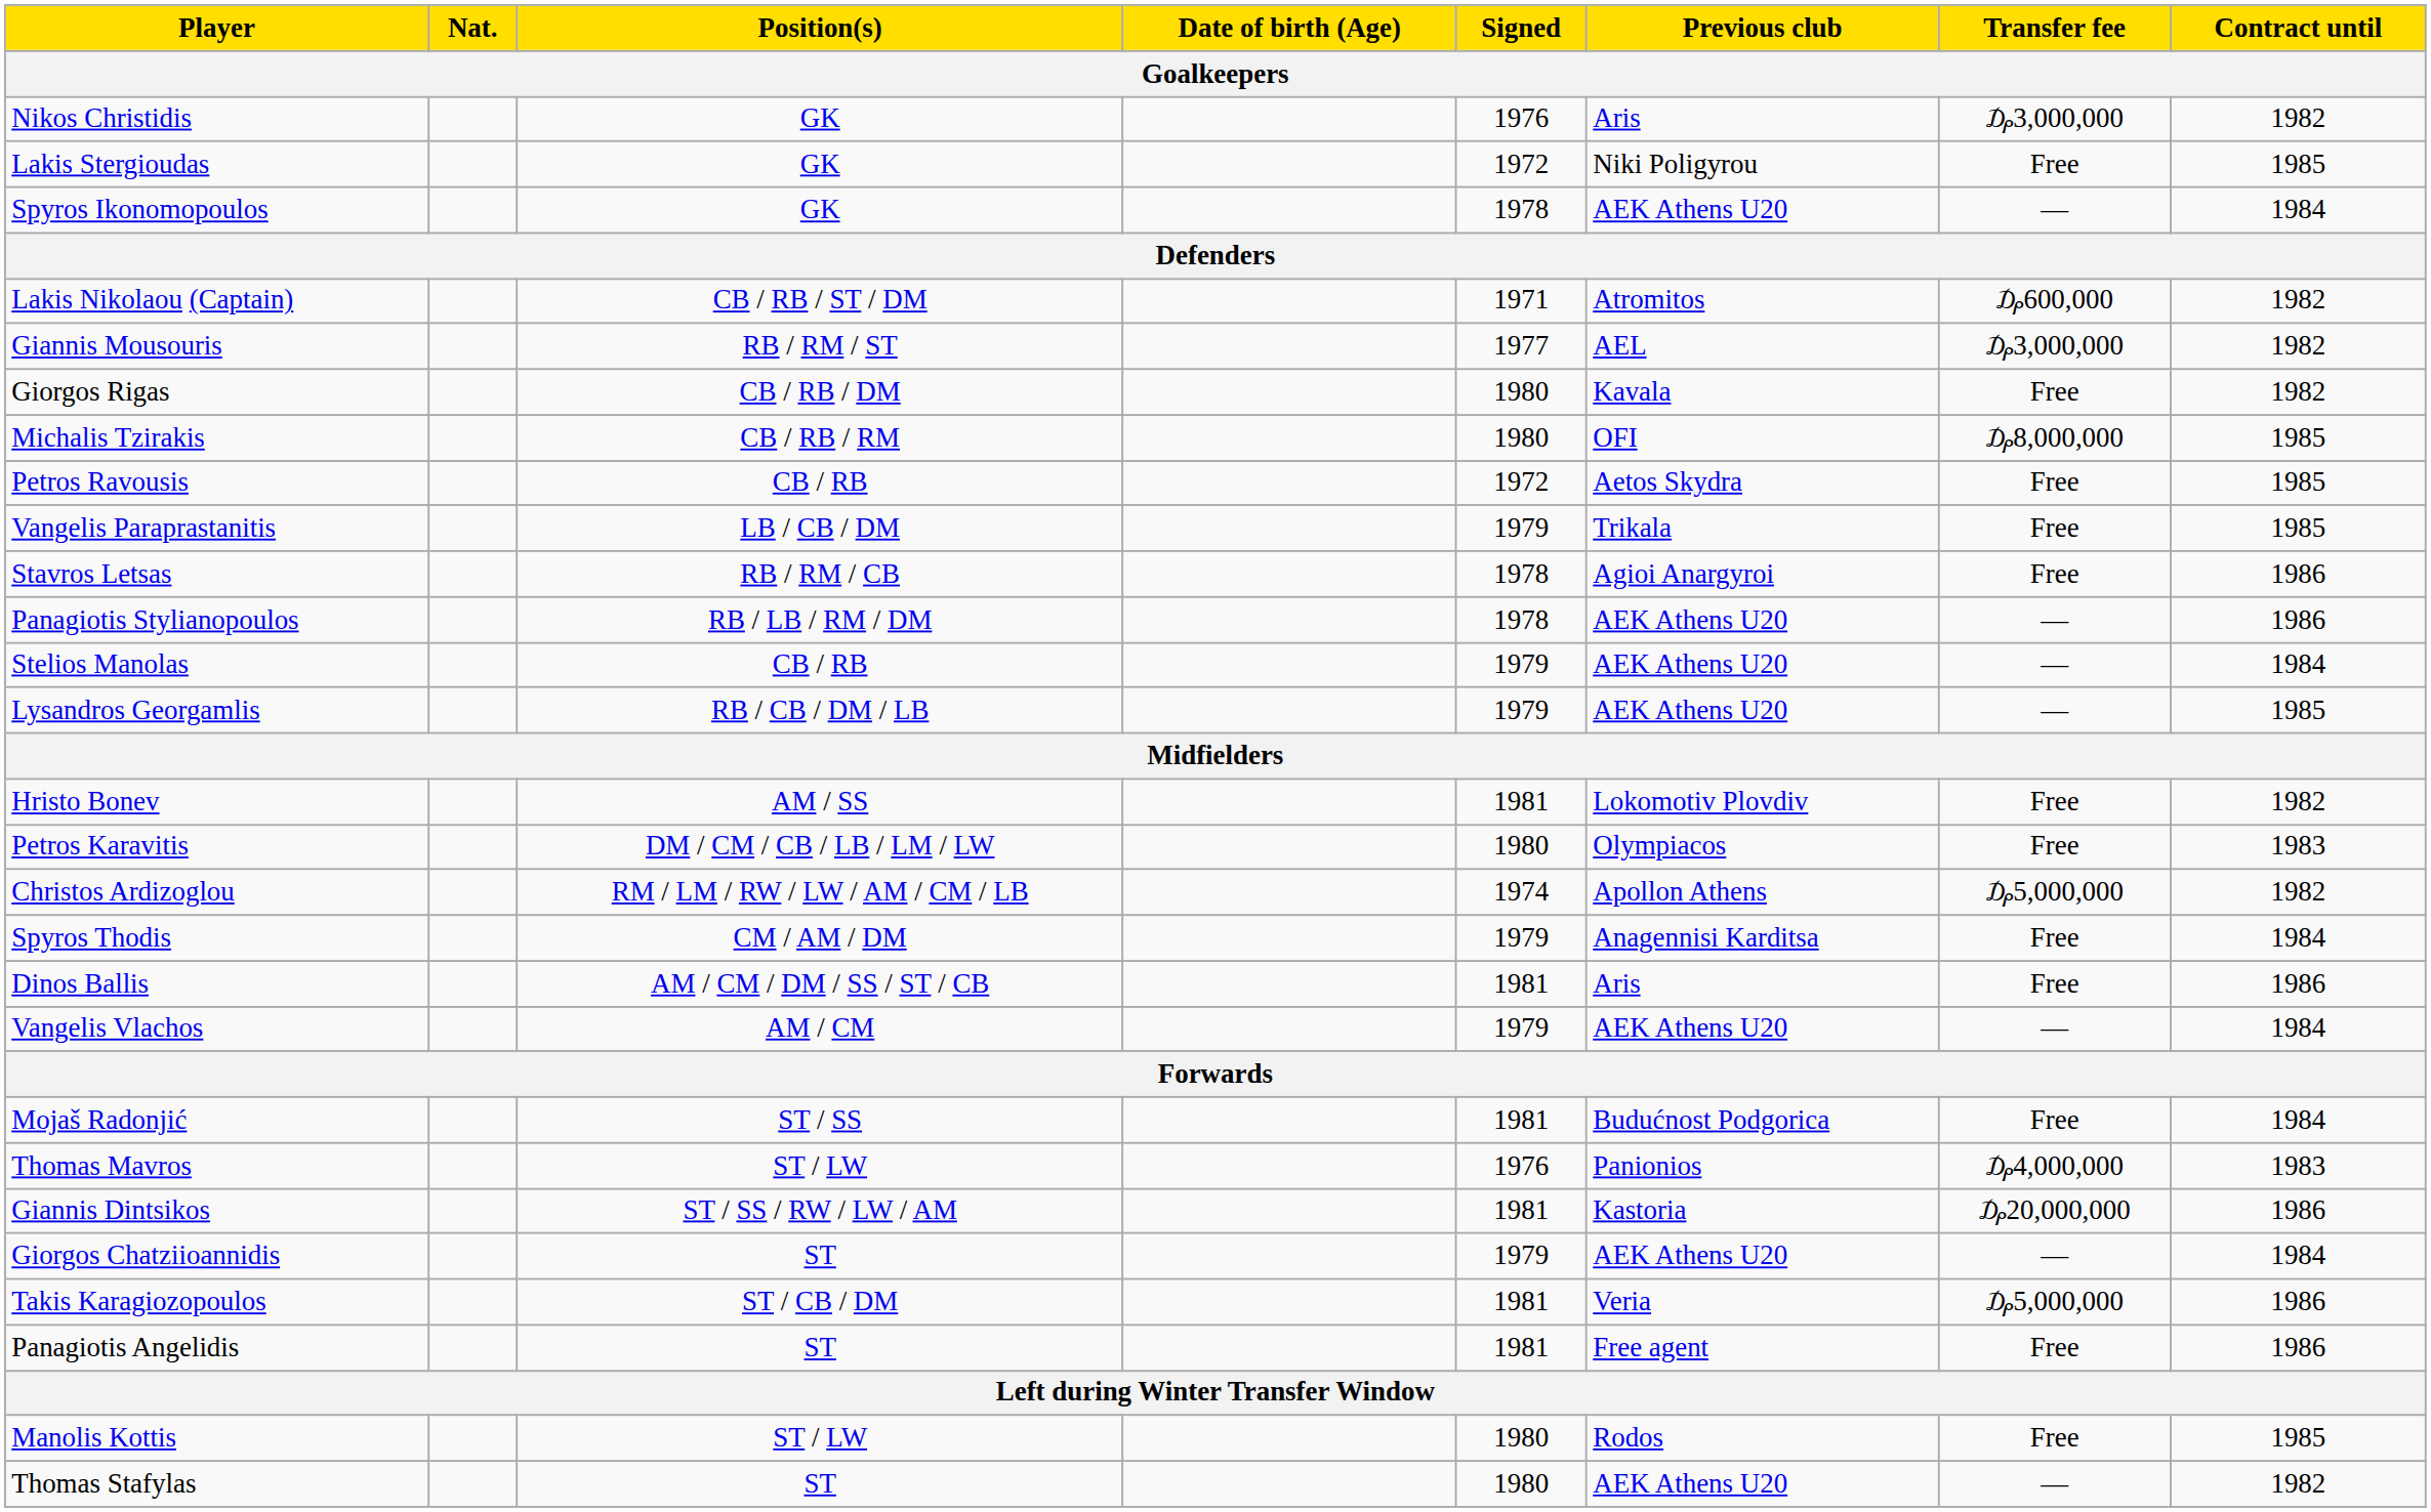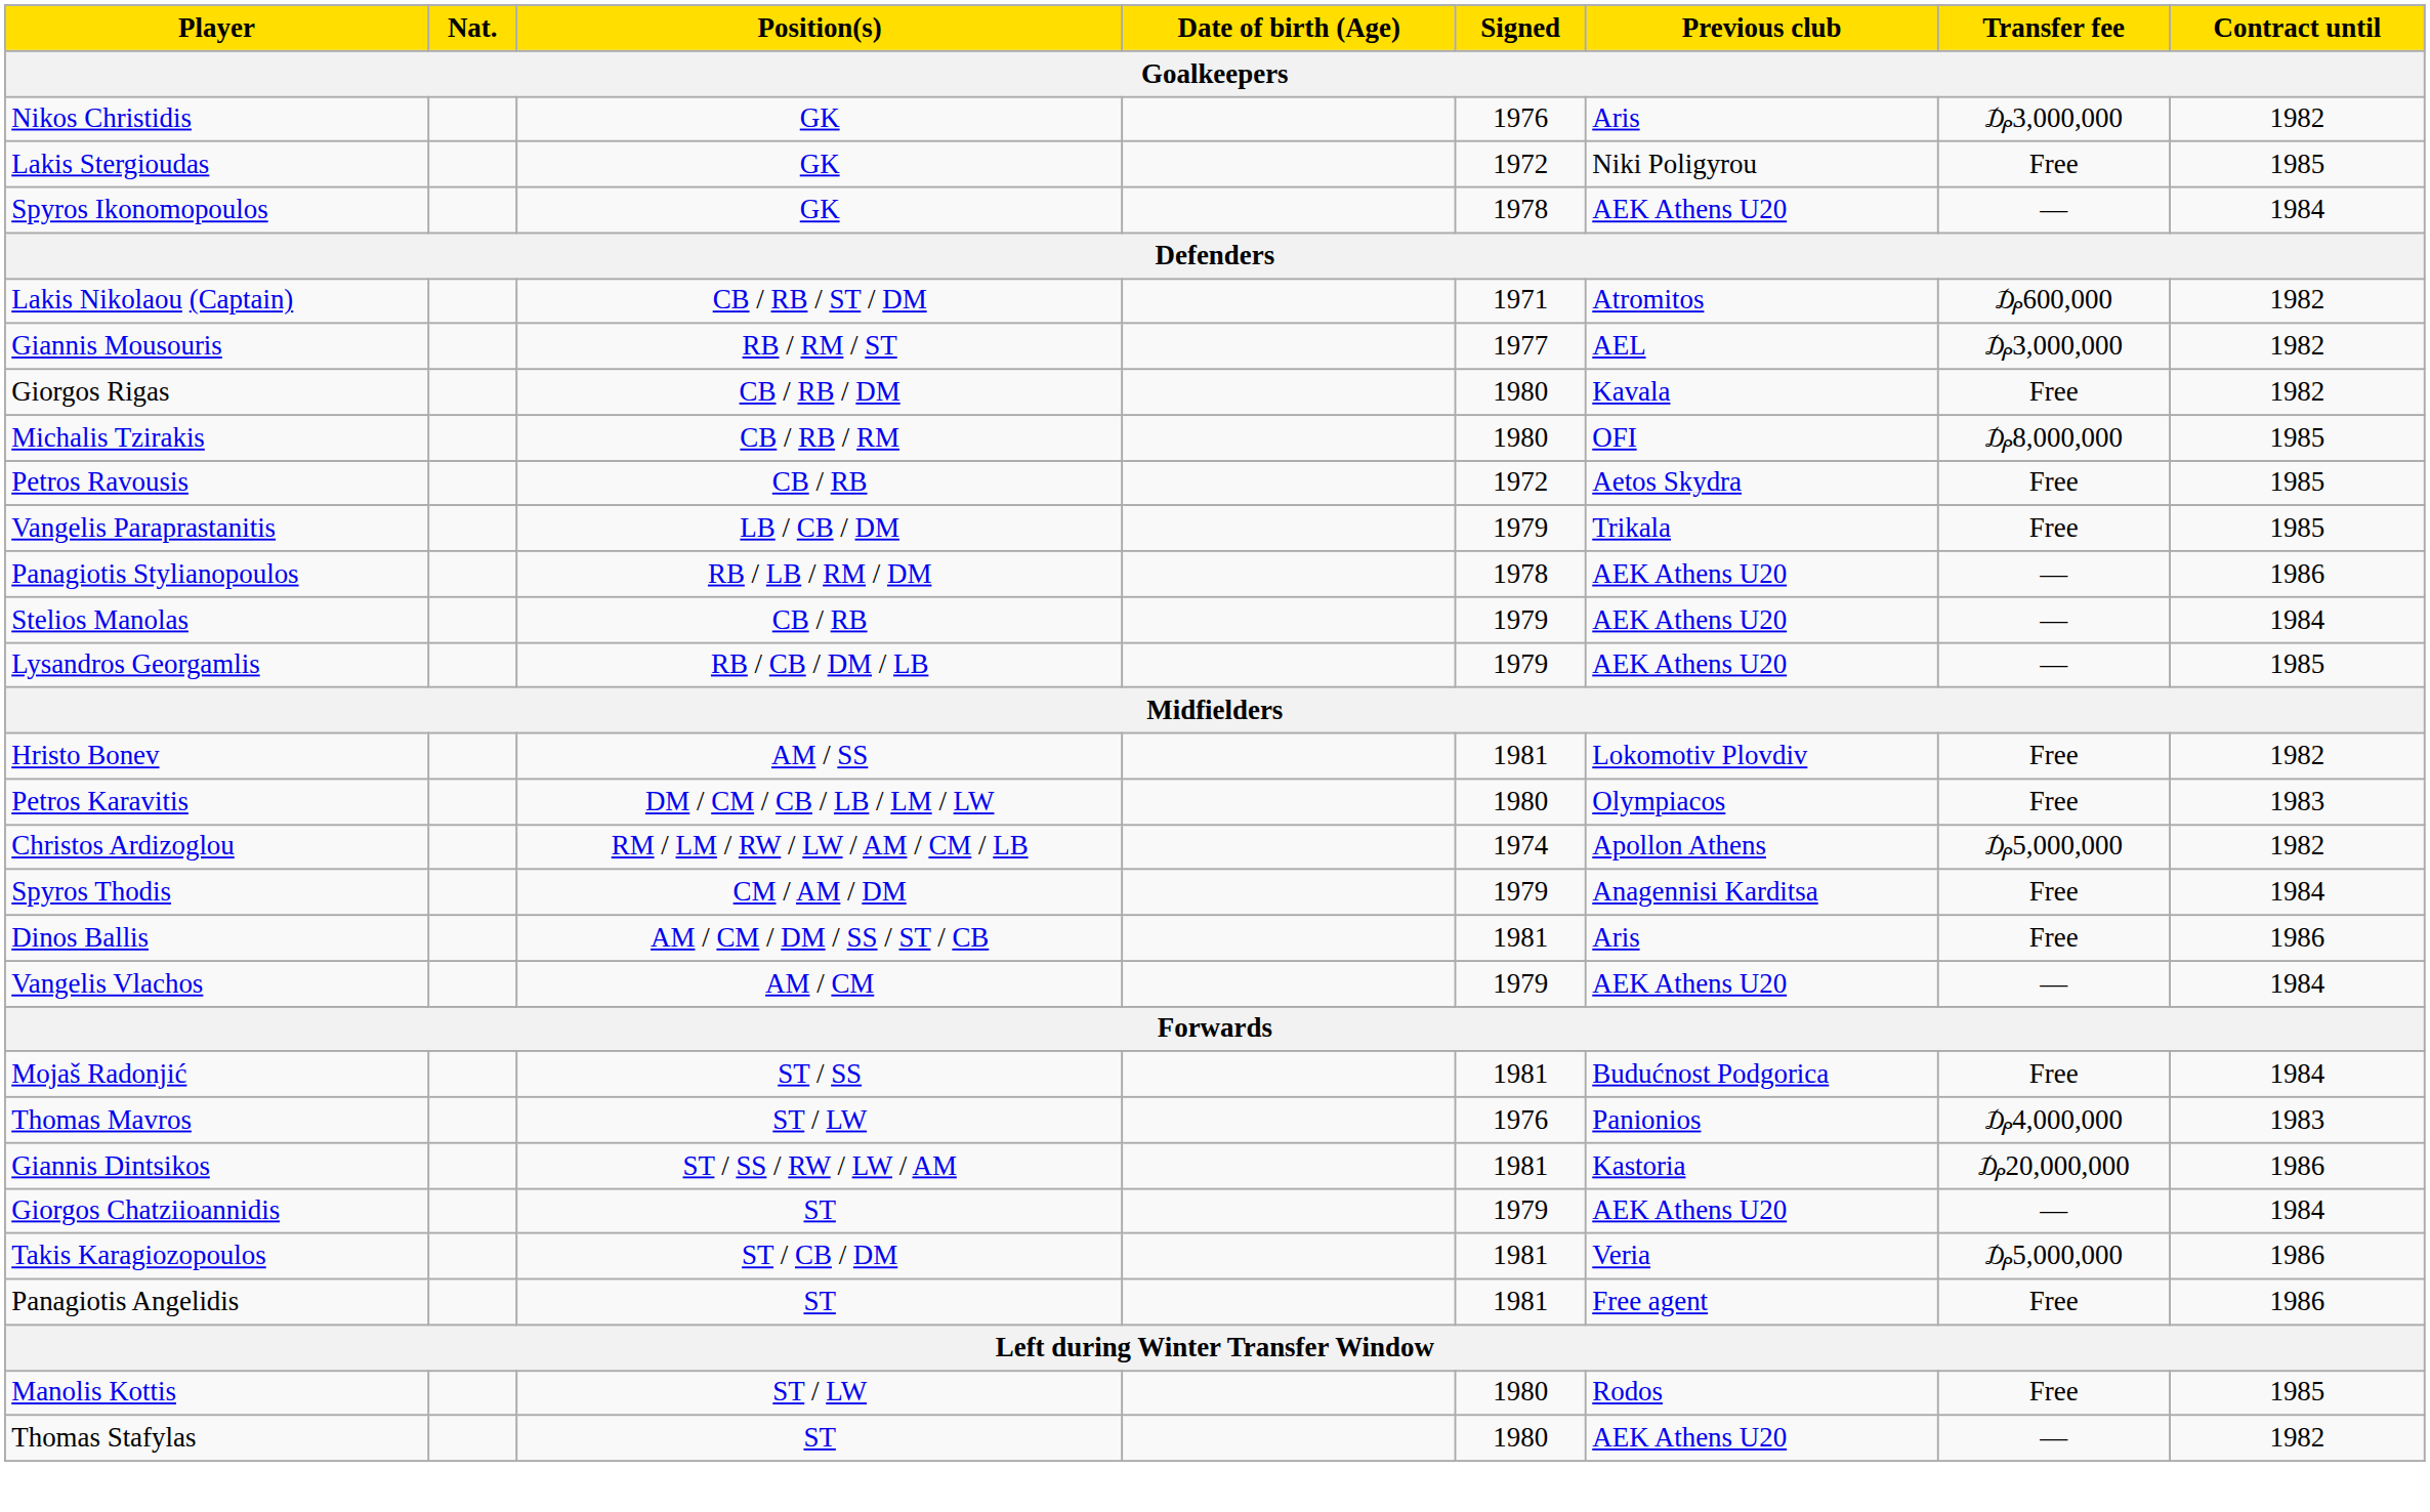 <table class="wikitable" style="text-align:center; font-size:90%;width:100%;">
 <tr>
 <th style="background:#FFDE00">Player</th>
 <th style="background:#FFDE00">Nat.</th>
 <th style="background:#FFDE00">Position(s)</th>
 <th style="background:#FFDE00">Date of birth (Age)</th>
 <th style="background:#FFDE00">Signed</th>
 <th style="background:#FFDE00">Previous club</th>
 <th style="background:#FFDE00">Transfer fee</th>
 <th style="background:#FFDE00">Contract until</th>
 </tr>
 <tr>
 <th colspan="8">Goalkeepers</th>
 </tr>
 <tr>
 <td align=left><a href='#'>Nikos Christidis</a></td>
 <td></td>
 <td><a href='#'>GK</a></td>
 <td></td>
 <td>1976</td>
 <td align=left> <a href='#'>Aris</a></td>
 <td>₯3,000,000</td>
 <td>1982</td>
 </tr>
 <tr>
 <td align=left><a href='#'>Lakis Stergioudas</a></td>
 <td></td>
 <td><a href='#'>GK</a></td>
 <td></td>
 <td>1972</td>
 <td align=left> Niki Poligyrou</td>
 <td>Free</td>
 <td>1985</td>
 </tr>
 <tr>
 <td align=left><a href='#'>Spyros Ikonomopoulos</a></td>
 <td></td>
 <td><a href='#'>GK</a></td>
 <td></td>
 <td>1978</td>
 <td align=left> <a href='#'>AEK Athens U20</a></td>
 <td>—</td>
 <td>1984</td>
 </tr>
 <tr>
 <th colspan="8">Defenders</th>
 </tr>
 <tr>
 <td align=left><a href='#'>Lakis Nikolaou</a> <a href='#'>(Captain)</a></td>
 <td></td>
 <td><a href='#'>CB</a> / <a href='#'>RB</a> / <a href='#'>ST</a> / <a href='#'>DM</a></td>
 <td></td>
 <td>1971</td>
 <td align=left> <a href='#'>Atromitos</a></td>
 <td>₯600,000</td>
 <td>1982</td>
 </tr>
 <tr>
 <td align=left><a href='#'>Giannis Mousouris</a></td>
 <td></td>
 <td><a href='#'>RB</a> / <a href='#'>RM</a> / <a href='#'>ST</a></td>
 <td></td>
 <td>1977</td>
 <td align=left> <a href='#'>AEL</a></td>
 <td>₯3,000,000</td>
 <td>1982</td>
 </tr>
 <tr>
 <td align=left>Giorgos Rigas</td>
 <td></td>
 <td><a href='#'>CB</a> / <a href='#'>RB</a> / <a href='#'>DM</a></td>
 <td></td>
 <td>1980</td>
 <td align=left> <a href='#'>Kavala</a></td>
 <td>Free</td>
 <td>1982</td>
 </tr>
 <tr>
 <td align=left><a href='#'>Michalis Tzirakis</a></td>
 <td></td>
 <td><a href='#'>CB</a> / <a href='#'>RB</a> / <a href='#'>RM</a></td>
 <td></td>
 <td>1980</td>
 <td align=left> <a href='#'>OFI</a></td>
 <td>₯8,000,000</td>
 <td>1985</td>
 </tr>
 <tr>
 <td align=left><a href='#'>Petros Ravousis</a></td>
 <td></td>
 <td><a href='#'>CB</a> / <a href='#'>RB</a></td>
 <td></td>
 <td>1972</td>
 <td align=left> <a href='#'>Aetos Skydra</a></td>
 <td>Free</td>
 <td>1985</td>
 </tr>
 <tr>
 <td align=left><a href='#'>Vangelis Paraprastanitis</a></td>
 <td></td>
 <td><a href='#'>LB</a> / <a href='#'>CB</a> / <a href='#'>DM</a></td>
 <td></td>
 <td>1979</td>
 <td align=left> <a href='#'>Trikala</a></td>
 <td>Free</td>
 <td>1985</td>
-</tr>
-<tr>
-<td align=left><a href='#'>Stavros Letsas</a></td>
-<td></td>
-<td><a href='#'>RB</a> / <a href='#'>RM</a> / <a href='#'>CB</a></td>
-<td></td>
-<td>1978</td>
-<td align=left> <a href='#'>Agioi Anargyroi</a></td>
-<td>Free</td>
-<td>1986</td>
 </tr>
 <tr>
 <td align=left><a href='#'>Panagiotis Stylianopoulos</a></td>
 <td></td>
 <td><a href='#'>RB</a> / <a href='#'>LB</a> / <a href='#'>RM</a> / <a href='#'>DM</a></td>
 <td></td>
 <td>1978</td>
 <td align=left> <a href='#'>AEK Athens U20</a></td>
 <td>—</td>
 <td>1986</td>
 </tr>
 <tr>
 <td align=left><a href='#'>Stelios Manolas</a></td>
 <td></td>
 <td><a href='#'>CB</a> / <a href='#'>RB</a></td>
 <td></td>
 <td>1979</td>
 <td align=left> <a href='#'>AEK Athens U20</a></td>
 <td>—</td>
 <td>1984</td>
 </tr>
 <tr>
 <td align=left><a href='#'>Lysandros Georgamlis</a></td>
 <td></td>
 <td><a href='#'>RB</a> / <a href='#'>CB</a> / <a href='#'>DM</a> / <a href='#'>LB</a></td>
 <td></td>
 <td>1979</td>
 <td align=left> <a href='#'>AEK Athens U20</a></td>
 <td>—</td>
 <td>1985</td>
 </tr>
 <tr>
 <th colspan="8">Midfielders</th>
 </tr>
 <tr>
 <td align=left><a href='#'>Hristo Bonev</a></td>
 <td></td>
 <td><a href='#'>AM</a> / <a href='#'>SS</a></td>
 <td></td>
 <td>1981</td>
 <td align=left> <a href='#'>Lokomotiv Plovdiv</a></td>
 <td>Free</td>
 <td>1982</td>
 </tr>
 <tr>
 <td align=left><a href='#'>Petros Karavitis</a></td>
 <td></td>
 <td><a href='#'>DM</a> / <a href='#'>CM</a> / <a href='#'>CB</a> / <a href='#'>LB</a> / <a href='#'>LM</a> / <a href='#'>LW</a></td>
 <td></td>
 <td>1980</td>
 <td align=left> <a href='#'>Olympiacos</a></td>
 <td>Free</td>
 <td>1983</td>
 </tr>
 <tr>
 <td align=left><a href='#'>Christos Ardizoglou</a></td>
 <td></td>
 <td><a href='#'>RM</a> / <a href='#'>LM</a> / <a href='#'>RW</a> / <a href='#'>LW</a>  / <a href='#'>AM</a> / <a href='#'>CM</a> / <a href='#'>LB</a></td>
 <td></td>
 <td>1974</td>
 <td align=left> <a href='#'>Apollon Athens</a></td>
 <td>₯5,000,000</td>
 <td>1982</td>
 </tr>
 <tr>
 <td align=left><a href='#'>Spyros Thodis</a></td>
 <td></td>
 <td><a href='#'>CM</a> / <a href='#'>AM</a> / <a href='#'>DM</a></td>
 <td></td>
 <td>1979</td>
 <td align=left> <a href='#'>Anagennisi Karditsa</a></td>
 <td>Free</td>
 <td>1984</td>
 </tr>
 <tr>
 <td align=left><a href='#'>Dinos Ballis</a></td>
 <td></td>
 <td><a href='#'>AM</a> / <a href='#'>CM</a> / <a href='#'>DM</a> / <a href='#'>SS</a> / <a href='#'>ST</a> / <a href='#'>CB</a></td>
 <td></td>
 <td>1981</td>
 <td align=left> <a href='#'>Aris</a></td>
 <td>Free</td>
 <td>1986</td>
 </tr>
 <tr>
 <td align=left><a href='#'>Vangelis Vlachos</a></td>
 <td></td>
 <td><a href='#'>AM</a> / <a href='#'>CM</a></td>
 <td></td>
 <td>1979</td>
 <td align=left> <a href='#'>AEK Athens U20</a></td>
 <td>—</td>
 <td>1984</td>
 </tr>
 <tr>
 <th colspan="8">Forwards</th>
 </tr>
 <tr>
 <td align=left><a href='#'>Mojaš Radonjić</a></td>
 <td></td>
 <td><a href='#'>ST</a> / <a href='#'>SS</a></td>
 <td></td>
 <td>1981</td>
 <td align=left> <a href='#'>Budućnost Podgorica</a></td>
 <td>Free</td>
 <td>1984</td>
 </tr>
 <tr>
 <td align=left><a href='#'>Thomas Mavros</a></td>
 <td></td>
 <td><a href='#'>ST</a> / <a href='#'>LW</a></td>
 <td></td>
 <td>1976</td>
 <td align=left> <a href='#'>Panionios</a></td>
 <td>₯4,000,000</td>
 <td>1983</td>
 </tr>
 <tr>
 <td align=left><a href='#'>Giannis Dintsikos</a></td>
 <td></td>
 <td><a href='#'>ST</a> / <a href='#'>SS</a> / <a href='#'>RW</a> / <a href='#'>LW</a> / <a href='#'>AM</a></td>
 <td></td>
 <td>1981</td>
 <td align=left> <a href='#'>Kastoria</a></td>
 <td>₯20,000,000</td>
 <td>1986</td>
 </tr>
 <tr>
 <td align=left><a href='#'>Giorgos Chatziioannidis</a></td>
 <td></td>
 <td><a href='#'>ST</a></td>
 <td></td>
 <td>1979</td>
 <td align=left> <a href='#'>AEK Athens U20</a></td>
 <td>—</td>
 <td>1984</td>
 </tr>
 <tr>
 <td align=left><a href='#'>Takis Karagiozopoulos</a></td>
 <td></td>
 <td><a href='#'>ST</a> / <a href='#'>CB</a> / <a href='#'>DM</a></td>
 <td></td>
 <td>1981</td>
 <td align=left> <a href='#'>Veria</a></td>
 <td>₯5,000,000</td>
 <td>1986</td>
 </tr>
 <tr>
 <td align=left>Panagiotis Angelidis</td>
 <td></td>
 <td><a href='#'>ST</a></td>
 <td></td>
 <td>1981</td>
 <td align=left><a href='#'>Free agent</a></td>
 <td>Free</td>
 <td>1986</td>
 </tr>
 <tr>
 <th colspan="8">Left during Winter Transfer Window</th>
 </tr>
 <tr>
 <td align=left><a href='#'>Manolis Kottis</a></td>
 <td></td>
 <td><a href='#'>ST</a> / <a href='#'>LW</a></td>
 <td></td>
 <td>1980</td>
 <td align=left> <a href='#'>Rodos</a></td>
 <td>Free</td>
 <td>1985</td>
 </tr>
 <tr>
 <td align=left>Thomas Stafylas</td>
 <td></td>
 <td><a href='#'>ST</a></td>
 <td></td>
 <td>1980</td>
 <td align=left> <a href='#'>AEK Athens U20</a></td>
 <td>—</td>
 <td>1982</td>
 </tr>
 </table>
